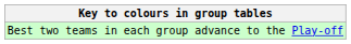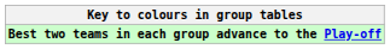 <table class="wikitable">
 <tr>
 <th>Key to colours in group tables</th>
 </tr>
 <tr bgcolor=#ccffcc>
-<td>Best two teams in each group advance to the <a href='#'>Play-off</a></td>
+<td><strong>Best two teams in each group advance to the <a href='#'>Play-off</a></strong></td>
 </tr>
 </table>
